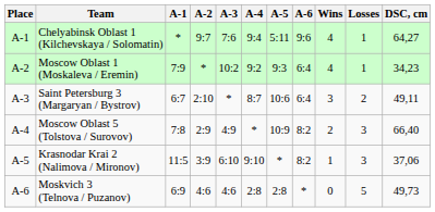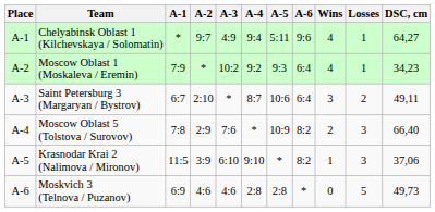 <table class="wikitable" style="text-align:center;">
 <tr>
 <th>Place</th>
 <th>Team</th>
 <th width="25">A-1</th>
 <th width="25">A-2</th>
 <th width="25">A-3</th>
 <th width="25">A-4</th>
 <th width="25">A-5</th>
 <th width="25">A-6</th>
 <th width="20">Wins</th>
 <th width="20">Losses</th>
 <th>DSC, cm</th>
 </tr>
 <tr bgcolor=#cfc>
 <td>A-1</td>
 <td align=left>Chelyabinsk Oblast 1<br>(Kilchevskaya / Solomatin)</td>
 <td>*</td>
 <td>9:7</td>
-<td>7:6</td>
+<td>4:9</td>
 <td>9:4</td>
 <td>5:11</td>
 <td>9:6</td>
 <td>4</td>
 <td>1</td>
 <td>64,27</td>
 </tr>
 <tr bgcolor=#cfc>
 <td>A-2</td>
 <td align=left>Moscow Oblast 1<br>(Moskaleva / Eremin)</td>
 <td>7:9</td>
 <td>*</td>
 <td>10:2</td>
 <td>9:2</td>
 <td>9:3</td>
 <td>6:4</td>
 <td>4</td>
 <td>1</td>
 <td>34,23</td>
 </tr>
 <tr>
 <td>A-3</td>
 <td align=left>Saint Petersburg 3<br>(Margaryan / Bystrov)</td>
 <td>6:7</td>
 <td>2:10</td>
 <td>*</td>
 <td>8:7</td>
 <td>10:6</td>
 <td>6:4</td>
 <td>3</td>
 <td>2</td>
 <td>49,11</td>
 </tr>
 <tr>
 <td>A-4</td>
 <td align=left>Moscow Oblast 5<br>(Tolstova / Surovov)</td>
 <td>7:8</td>
 <td>2:9</td>
-<td>4:9</td>
+<td>7:6</td>
 <td>*</td>
 <td>10:9</td>
 <td>8:2</td>
 <td>2</td>
 <td>3</td>
 <td>66,40</td>
 </tr>
 <tr>
 <td>A-5</td>
 <td align=left>Krasnodar Krai 2<br>(Nalimova / Mironov)</td>
 <td>11:5</td>
 <td>3:9</td>
 <td>6:10</td>
 <td>9:10</td>
 <td>*</td>
 <td>8:2</td>
 <td>1</td>
 <td>3</td>
 <td>37,06</td>
 </tr>
 <tr>
 <td>A-6</td>
 <td align=left>Moskvich 3<br>(Telnova / Puzanov)</td>
 <td>6:9</td>
 <td>4:6</td>
 <td>4:6</td>
 <td>2:8</td>
 <td>2:8</td>
 <td>*</td>
 <td>0</td>
 <td>5</td>
 <td>49,73</td>
 </tr>
 </table>
